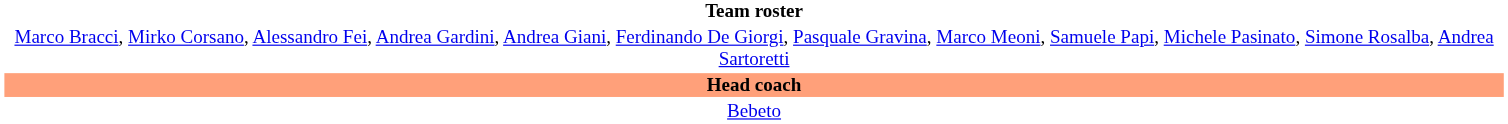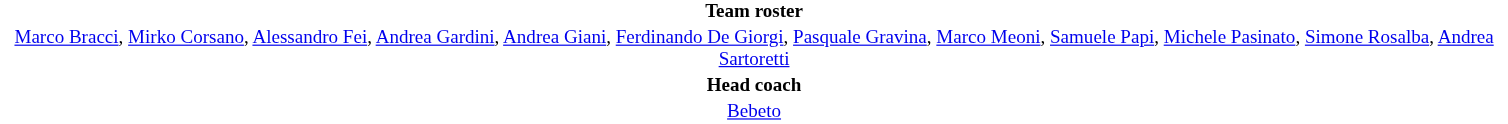 <table style="text-align:center; margin-top:2em; margin-left:auto; margin-right:auto">
 <tr>
 <td><strong>Team roster</strong></td>
 </tr>
 <tr>
 <td><a href='#'>Marco Bracci</a>, <a href='#'>Mirko Corsano</a>, <a href='#'>Alessandro Fei</a>, <a href='#'>Andrea Gardini</a>, <a href='#'>Andrea Giani</a>, <a href='#'>Ferdinando De Giorgi</a>, <a href='#'>Pasquale Gravina</a>, <a href='#'>Marco Meoni</a>, <a href='#'>Samuele Papi</a>, <a href='#'>Michele Pasinato</a>, <a href='#'>Simone Rosalba</a>, <a href='#'>Andrea Sartoretti</a></td>
 </tr>
 <tr>
-<td style="background: lightsalmon;"><strong>Head coach</strong></td>
+<td><strong>Head coach</strong></td>
 </tr>
 <tr>
 <td><a href='#'>Bebeto</a></td>
 </tr>
 <tr>
 </tr>
 </table>
